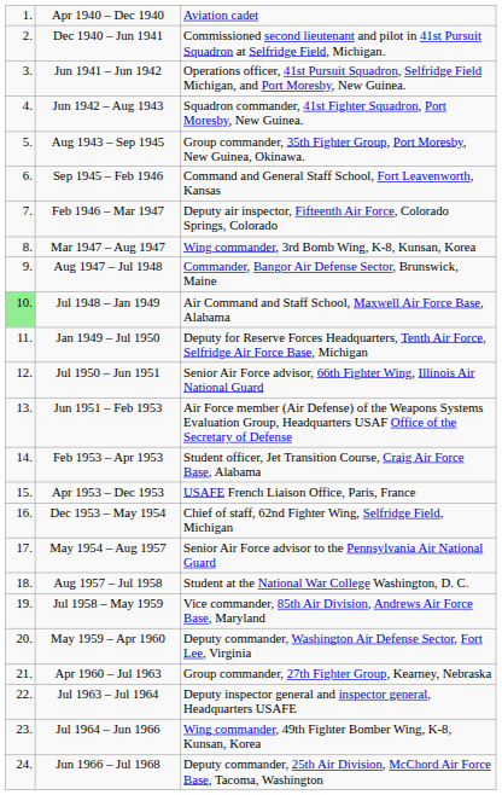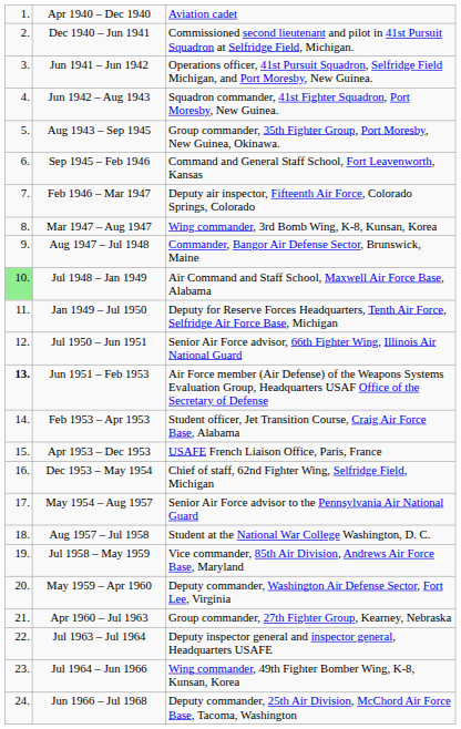 <table class="wikitable"||- valign="top">
 <tr>
 <td align="right" width="30pt">1.</td>
 <td align="center" width="172pt">Apr 1940 – Dec 1940</td>
 <td><a href='#'>Aviation cadet</a></td>
 </tr>
 <tr valign="top">
 <td align="right" width="30pt">2.</td>
 <td align="center" width="172pt">Dec 1940 – Jun 1941</td>
 <td>Commissioned <a href='#'>second lieutenant</a> and pilot in <a href='#'>41st Pursuit Squadron</a> at <a href='#'>Selfridge Field</a>, Michigan.</td>
 </tr>
 <tr valign="top">
 <td align="right" width="30pt">3.</td>
 <td align="center" width="172pt">Jun 1941 – Jun 1942</td>
 <td>Operations officer, <a href='#'>41st Pursuit Squadron</a>, <a href='#'>Selfridge Field</a> Michigan, and <a href='#'>Port Moresby</a>, New Guinea.</td>
 </tr>
 <tr valign="top">
 <td align="right" width="30pt">4.</td>
 <td align="center" width="172pt">Jun 1942 – Aug 1943</td>
 <td>Squadron commander, <a href='#'>41st Fighter Squadron</a>, <a href='#'>Port Moresby</a>, New Guinea.</td>
 </tr>
 <tr valign="top">
 <td align="right" width="30pt">5.</td>
 <td align="center" width="172pt">Aug 1943 – Sep 1945</td>
 <td>Group commander, <a href='#'>35th Fighter Group</a>, <a href='#'>Port Moresby</a>, New Guinea, Okinawa.</td>
 </tr>
 <tr valign="top">
 <td align="right" width="30pt">6.</td>
 <td align="center" width="172pt">Sep 1945 – Feb 1946</td>
 <td>Command and General Staff School, <a href='#'>Fort Leavenworth</a>, Kansas</td>
 </tr>
 <tr valign="top">
 <td align="right" width="30pt">7.</td>
 <td align="center" width="172pt">Feb 1946 – Mar 1947</td>
 <td>Deputy air inspector, <a href='#'>Fifteenth Air Force</a>, Colorado Springs, Colorado</td>
 </tr>
 <tr valign="top">
 <td align="right" width="30pt">8.</td>
 <td align="center" width="172pt">Mar 1947 – Aug 1947</td>
 <td><a href='#'>Wing commander</a>, 3rd Bomb Wing, K-8, Kunsan, Korea</td>
 </tr>
 <tr valign="top">
 <td align="right" width="30pt">9.</td>
 <td align="center" width="172pt">Aug 1947 – Jul 1948</td>
 <td><a href='#'>Commander</a>, <a href='#'>Bangor Air Defense Sector</a>, Brunswick, Maine</td>
 </tr>
 <tr valign="top">
 <td align="right" width="30pt" style="background: lightgreen;">10.</td>
 <td align="center" width="172pt">Jul 1948 – Jan 1949</td>
 <td>Air Command and Staff School, <a href='#'>Maxwell Air Force Base</a>, Alabama</td>
 </tr>
 <tr valign="top">
 <td align="right" width="30pt">11.</td>
 <td align="center" width="172pt">Jan 1949 – Jul 1950</td>
 <td>Deputy for Reserve Forces Headquarters, <a href='#'>Tenth Air Force</a>, <a href='#'>Selfridge Air Force Base</a>, Michigan</td>
 </tr>
 <tr valign="top">
 <td align="right" width="30pt">12.</td>
 <td align="center" width="172pt">Jul 1950 – Jun 1951</td>
 <td>Senior Air Force advisor, <a href='#'>66th Fighter Wing</a>, <a href='#'>Illinois Air National Guard</a></td>
 </tr>
 <tr valign="top">
-<td align="right" width="30pt">13.</td>
+<td align="right" width="30pt"><strong>13.</strong></td>
 <td align="center" width="172pt">Jun 1951 – Feb 1953</td>
 <td>Air Force member (Air Defense) of the Weapons Systems Evaluation Group, Headquarters USAF <a href='#'>Office of the Secretary of Defense</a></td>
 </tr>
 <tr valign="top">
 <td align="right" width="30pt">14.</td>
 <td align="center" width="172pt">Feb 1953 – Apr 1953</td>
 <td>Student officer, Jet Transition Course, <a href='#'>Craig Air Force Base</a>, Alabama</td>
 </tr>
 <tr valign="top">
 <td align="right" width="30pt">15.</td>
 <td align="center" width="172pt">Apr 1953 – Dec 1953</td>
 <td><a href='#'>USAFE</a> French Liaison Office, Paris, France</td>
 </tr>
 <tr valign="top">
 <td align="right" width="30pt">16.</td>
 <td align="center" width="172pt">Dec 1953 – May 1954</td>
 <td>Chief of staff, 62nd Fighter Wing, <a href='#'>Selfridge Field</a>, Michigan</td>
 </tr>
 <tr valign="top">
 <td align="right" width="30pt">17.</td>
 <td align="center" width="172pt">May 1954 – Aug 1957</td>
 <td>Senior Air Force advisor to the <a href='#'>Pennsylvania Air National Guard</a></td>
 </tr>
 <tr valign="top">
 <td align="right" width="30pt">18.</td>
 <td align="center" width="172pt">Aug 1957 – Jul 1958</td>
 <td>Student at the <a href='#'>National War College</a> Washington, D. C.</td>
 </tr>
 <tr valign="top">
 <td align="right" width="30pt">19.</td>
 <td align="center" width="172pt">Jul 1958 – May 1959</td>
 <td>Vice commander, <a href='#'>85th Air Division</a>, <a href='#'>Andrews Air Force Base</a>, Maryland</td>
 </tr>
 <tr valign="top">
 <td align="right" width="30pt">20.</td>
 <td align="center" width="172pt">May 1959 – Apr 1960</td>
 <td>Deputy commander, <a href='#'>Washington Air Defense Sector</a>, <a href='#'>Fort Lee</a>, Virginia</td>
 </tr>
 <tr valign="top">
 <td align="right" width="30pt">21.</td>
 <td align="center" width="172pt">Apr 1960 – Jul 1963</td>
 <td>Group commander, <a href='#'>27th Fighter Group</a>, Kearney, Nebraska</td>
 </tr>
 <tr valign="top">
 <td align="right" width="30pt">22.</td>
 <td align="center" width="172pt">Jul 1963 – Jul 1964</td>
 <td>Deputy inspector general and <a href='#'>inspector general</a>, Headquarters USAFE</td>
 </tr>
 <tr valign="top">
 <td align="right" width="30pt">23.</td>
 <td align="center" width="172pt">Jul 1964 – Jun 1966</td>
 <td><a href='#'>Wing commander</a>, 49th Fighter Bomber Wing, K-8, Kunsan, Korea</td>
 </tr>
 <tr valign="top">
 <td align="right" width="30pt">24.</td>
 <td align="center" width="172pt">Jun 1966 – Jul 1968</td>
 <td>Deputy commander, <a href='#'>25th Air Division</a>, <a href='#'>McChord Air Force Base</a>, Tacoma, Washington</td>
 </tr>
 </table>
